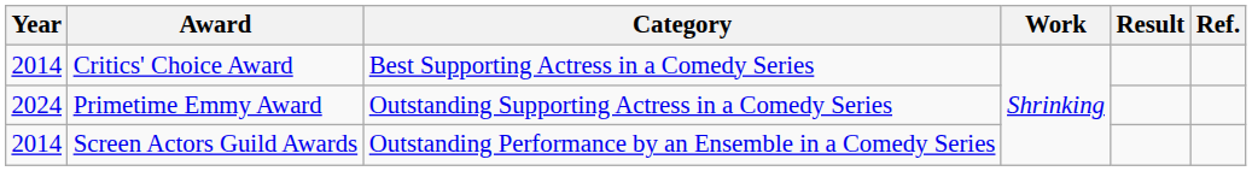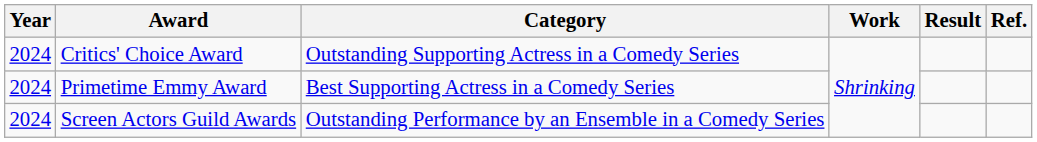 <table class="wikitable plainrowheaders">
 <tr>
 <th>Year</th>
 <th>Award</th>
 <th>Category</th>
 <th>Work</th>
 <th>Result</th>
 <th>Ref.</th>
 </tr>
 <tr>
-<td><a href='#'>2014</a></td>
+<td><a href='#'>2024</a></td>
 <td><a href='#'>Critics' Choice Award</a></td>
-<td><a href='#'>Best Supporting Actress in a Comedy Series</a></td>
+<td><a href='#'>Outstanding Supporting Actress in a Comedy Series</a></td>
 <td rowspan="3"><em><a href='#'>Shrinking</a></em></td>
 <td></td>
 <td></td>
 </tr>
 <tr>
 <td><a href='#'>2024</a></td>
 <td><a href='#'>Primetime Emmy Award</a></td>
-<td><a href='#'>Outstanding Supporting Actress in a Comedy Series</a></td>
+<td><a href='#'>Best Supporting Actress in a Comedy Series</a></td>
 <td></td>
 <td></td>
 </tr>
 <tr>
-<td><a href='#'>2014</a></td>
+<td><a href='#'>2024</a></td>
 <td><a href='#'>Screen Actors Guild Awards</a></td>
 <td><a href='#'> Outstanding Performance by an Ensemble in a Comedy Series</a></td>
 <td></td>
 <td></td>
 </tr>
 </table>
